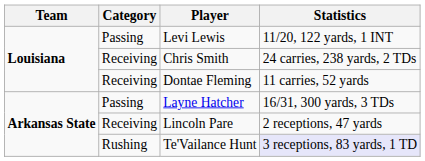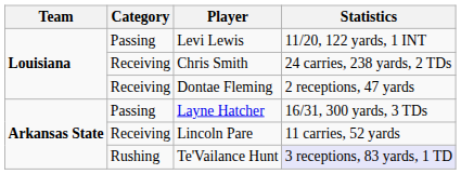 <table class="wikitable" style="float: left;">
 <tr>
 <th>Team</th>
 <th>Category</th>
 <th>Player</th>
 <th>Statistics</th>
 </tr>
 <tr>
 <td rowspan=3><strong>Louisiana</strong></td>
 <td>Passing</td>
 <td>Levi Lewis</td>
 <td>11/20, 122 yards, 1 INT</td>
 </tr>
 <tr>
 <td>Receiving</td>
 <td>Chris Smith</td>
 <td>24 carries, 238 yards, 2 TDs</td>
 </tr>
 <tr>
 <td>Receiving</td>
 <td>Dontae Fleming</td>
-<td>11 carries, 52 yards</td>
+<td>2 receptions, 47 yards</td>
 </tr>
 <tr>
 <td rowspan=3><strong>Arkansas State</strong></td>
 <td>Passing</td>
 <td><a href='#'>Layne Hatcher</a></td>
 <td>16/31, 300 yards, 3 TDs</td>
 </tr>
 <tr>
 <td>Receiving</td>
 <td>Lincoln Pare</td>
-<td>2 receptions, 47 yards</td>
+<td>11 carries, 52 yards</td>
 </tr>
 <tr>
 <td>Rushing</td>
 <td>Te'Vailance Hunt</td>
 <td style="background: lavender;">3 receptions, 83 yards, 1 TD</td>
 </tr>
 </table>
